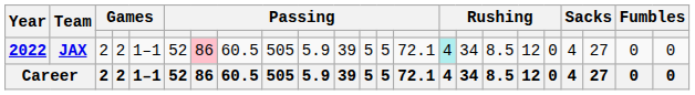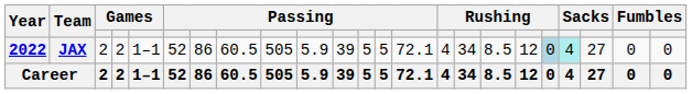 <table class="wikitable" style="text-align:center;">
 <tr>
 <th rowspan="2">Year</th>
 <th rowspan="2">Team</th>
 <th colspan="3">Games</th>
 <th colspan="9">Passing</th>
 <th colspan="5">Rushing</th>
 <th colspan="2">Sacks</th>
 <th colspan="2">Fumbles</th>
 </tr>
 <tr>
 <th></th>
 <th></th>
 <th></th>
 <th></th>
 <th></th>
 <th></th>
 <th></th>
 <th></th>
 <th></th>
 <th></th>
 <th></th>
 <th></th>
 <th></th>
 <th></th>
 <th></th>
 <th></th>
 <th></th>
 <th></th>
 <th></th>
 <th></th>
 <th></th>
 </tr>
 <tr>
 <th><a href='#'>2022</a></th>
 <th><a href='#'>JAX</a></th>
 <td>2</td>
 <td>2</td>
 <td>1–1</td>
 <td>52</td>
-<td style="background: pink;">86</td>
+<td>86</td>
 <td>60.5</td>
 <td>505</td>
 <td>5.9</td>
 <td>39</td>
 <td>5</td>
 <td>5</td>
 <td>72.1</td>
-<td style="background: paleturquoise;">4</td>
+<td>4</td>
 <td>34</td>
 <td>8.5</td>
 <td>12</td>
-<td>0</td>
-<td>4</td>
+<td style="background: lightblue;">0</td>
+<td style="background: paleturquoise;">4</td>
 <td>27</td>
 <td>0</td>
 <td>0</td>
 </tr>
 <tr>
 <th colspan="2">Career</th>
 <th>2</th>
 <th>2</th>
 <th>1–1</th>
 <th>52</th>
 <th>86</th>
 <th>60.5</th>
 <th>505</th>
 <th>5.9</th>
 <th>39</th>
 <th>5</th>
 <th>5</th>
 <th>72.1</th>
 <th>4</th>
 <th>34</th>
 <th>8.5</th>
 <th>12</th>
 <th>0</th>
 <th>4</th>
 <th>27</th>
 <th>0</th>
 <th>0</th>
 </tr>
 </table>
